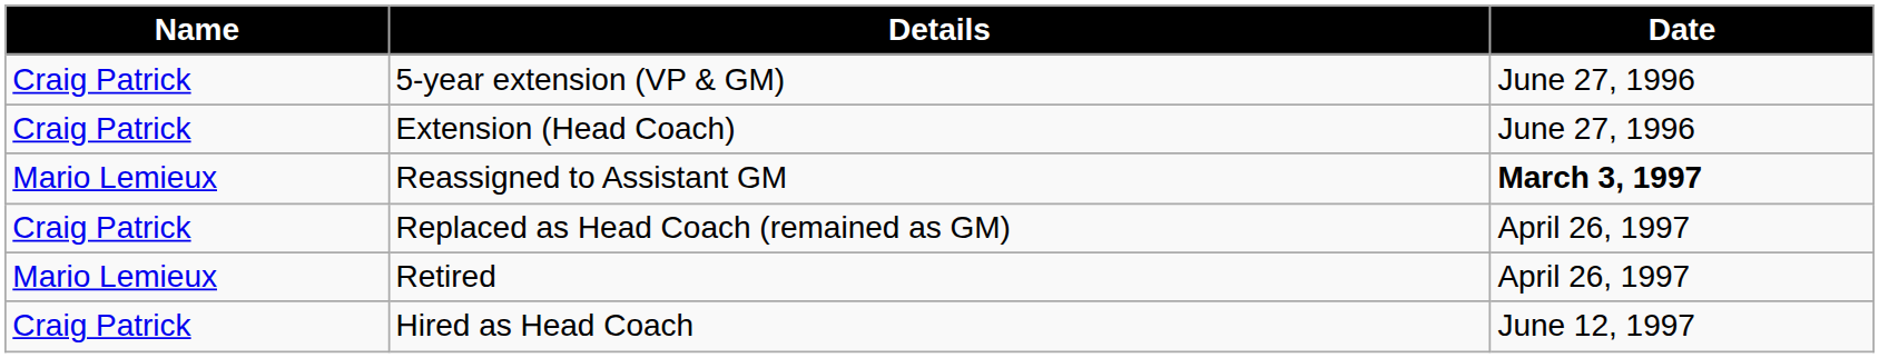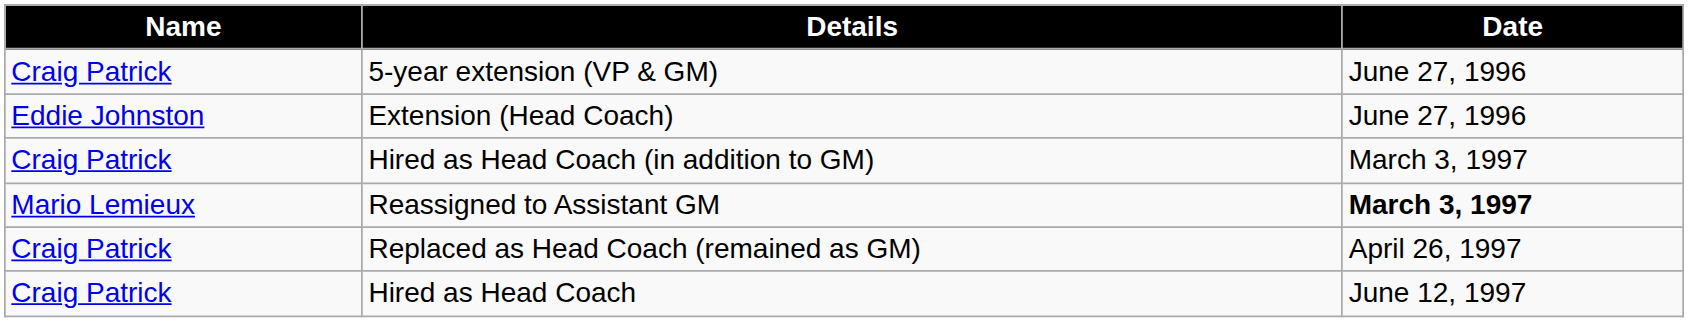 <table class="wikitable" style="width:60em">
 <tr style="text-align:center; background:#ddd;">
 <th style="color:white; background:#000000; ">Name</th>
 <th style="color:white; background:#000000; ">Details</th>
 <th style="color:white; background:#000000; ">Date</th>
 </tr>
 <tr>
 <td><a href='#'>Craig Patrick</a></td>
 <td>5-year extension (VP & GM)</td>
 <td>June 27, 1996</td>
 </tr>
 <tr>
-<td><a href='#'>Craig Patrick</a></td>
+<td><a href='#'>Eddie Johnston</a></td>
 <td>Extension (Head Coach)</td>
 <td>June 27, 1996</td>
+</tr>
+<tr>
+<td><a href='#'>Craig Patrick</a></td>
+<td>Hired as Head Coach (in addition to GM)</td>
+<td>March 3, 1997</td>
 </tr>
 <tr>
 <td><a href='#'>Mario Lemieux</a></td>
 <td>Reassigned to Assistant GM</td>
 <td><strong>March 3, 1997</strong></td>
 </tr>
 <tr>
 <td><a href='#'>Craig Patrick</a></td>
 <td>Replaced as Head Coach (remained as GM)</td>
 <td>April 26, 1997</td>
 </tr>
 <tr>
-<td><a href='#'>Mario Lemieux</a></td>
-<td>Retired</td>
-<td>April 26, 1997</td>
-</tr>
-<tr>
 <td><a href='#'>Craig Patrick</a></td>
 <td>Hired as Head Coach</td>
 <td>June 12, 1997</td>
 </tr>
 </table>
